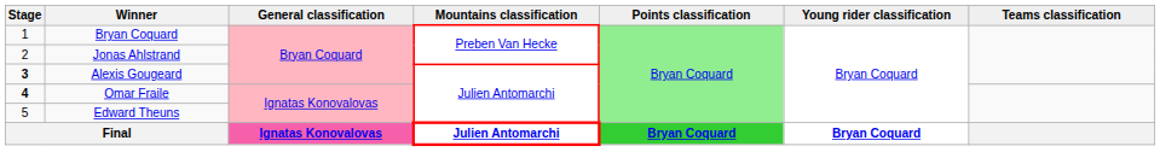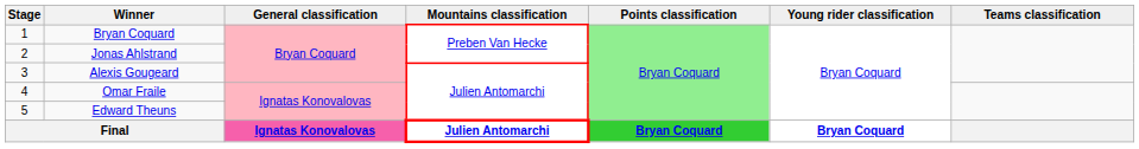 <table class="wikitable" style="text-align: center; font-size:smaller;">
 <tr style="background:#efefef;">
 <th style="width:1%;">Stage</th>
 <th style="width:16.5%;">Winner</th>
 <th style="background:#efefef; width:16.5%;">General classification<br></th>
 <th style="background:#efefef; width:16.5%;">Mountains classification<br></th>
 <th style="background:#efefef; width:16.5%;">Points classification<br></th>
 <th style="background:#efefef; width:16.5%;">Young rider classification<br></th>
 <th style="background:#efefef; width:16.5%;">Teams classification<br></th>
 </tr>
 <tr>
 <td>1</td>
 <td><a href='#'>Bryan Coquard</a></td>
 <td style="background:lightpink;" rowspan=3><a href='#'>Bryan Coquard</a></td>
 <td style="background:white;border-color: red; border-width: 2px;" rowspan=2><a href='#'>Preben Van Hecke</a></td>
 <td style="background:lightgreen;"  rowspan=5><a href='#'>Bryan Coquard</a></td>
 <td style="background:white;" rowspan=5><a href='#'>Bryan Coquard</a></td>
 <td rowspan=3></td>
 </tr>
 <tr>
 <td>2</td>
 <td><a href='#'>Jonas Ahlstrand</a></td>
 </tr>
 <tr>
-<td><strong>3</strong></td>
+<td>3</td>
 <td><a href='#'>Alexis Gougeard</a></td>
 <td style="background:white;border-color: red; border-width: 2px;" rowspan=3><a href='#'>Julien Antomarchi</a></td>
 </tr>
 <tr>
-<td><strong>4</strong></td>
+<td>4</td>
 <td><a href='#'>Omar Fraile</a></td>
 <td style="background:lightpink;" rowspan=2><a href='#'>Ignatas Konovalovas</a></td>
 <td rowspan=2></td>
 </tr>
 <tr>
 <td>5</td>
 <td><a href='#'>Edward Theuns</a></td>
 </tr>
 <tr>
 <th colspan=2>Final</th>
 <th style="background:#F660AB;"><a href='#'>Ignatas Konovalovas</a></th>
 <th style="background:white; border-color: red; border-width: 3px;"><a href='#'>Julien Antomarchi</a></th>
 <th style="background:limegreen;"><a href='#'>Bryan Coquard</a></th>
 <th style="background:white;"><a href='#'>Bryan Coquard</a></th>
 <th style="background:offwhite;"></th>
 </tr>
 </table>
